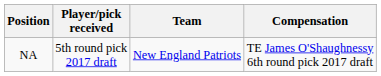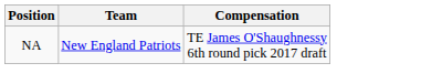 <table class="wikitable">
 <tr>
 <th>Position</th>
-<th>Player/pick<br>received</th>
 <th>Team</th>
 <th>Compensation</th>
 </tr>
 <tr style="text-align:center">
 <td>NA</td>
-<td>5th round pick<br><a href='#'>2017 draft</a></td>
 <td><a href='#'>New England Patriots</a></td>
 <td>TE <a href='#'>James O'Shaughnessy</a><br>6th round pick 2017 draft</td>
 </tr>
 </table>
